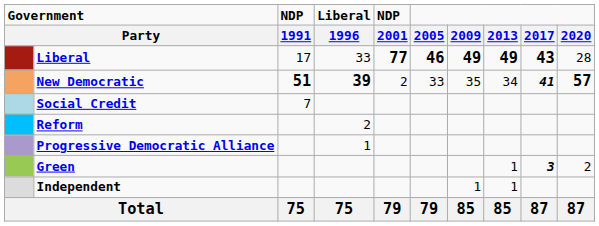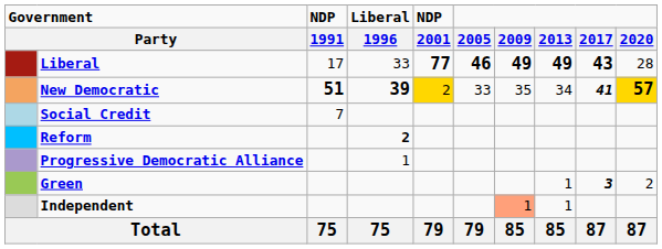 <table class="wikitable">
 <tr>
 <td colspan = "2"><strong>Government</strong></td>
 <td><strong>NDP</strong></td>
 <td><strong>Liberal</strong></td>
 <td><strong>NDP</strong></td>
 </tr>
 <tr>
 <th colspan = "2">Party</th>
 <th><a href='#'>1991</a></th>
 <th><a href='#'>1996</a></th>
 <th><a href='#'>2001</a></th>
 <th><a href='#'>2005</a></th>
 <th><a href='#'>2009</a></th>
 <th><a href='#'>2013</a></th>
 <th><a href='#'>2017</a></th>
 <th><a href='#'>2020</a></th>
 </tr>
 <tr align = "right">
 <td bgcolor="#A51B12">   </td>
 <td align="left"><strong><a href='#'>Liberal</a></strong></td>
 <td>17</td>
 <td>33</td>
 <td><strong><big>77</big></strong></td>
 <td><strong><big>46</big></strong></td>
 <td><strong><big>49</big></strong></td>
 <td><strong><big>49</big></strong></td>
 <td><strong><big>43</big></strong></td>
 <td>28</td>
 </tr>
 <tr align = "right">
 <td bgcolor="#F4A460">   </td>
 <td align="left"><strong><a href='#'>New Democratic</a></strong></td>
 <td><strong><big>51</big></strong></td>
 <td><strong><big>39</big></strong></td>
-<td>2</td>
+<td style="background: gold;">2</td>
 <td>33</td>
 <td>35</td>
 <td>34</td>
 <td><strong><em>41</em></strong></td>
-<td><strong><big>57</big></strong></td>
+<td style="background: gold;"><strong><big>57</big></strong></td>
 </tr>
 <tr align = "right">
 <td bgcolor="#ADD8E6">   </td>
 <td align="left"><strong><a href='#'>Social Credit</a></strong></td>
 <td>7</td>
 <td></td>
 <td></td>
 <td></td>
 <td></td>
 <td></td>
 <td></td>
 <td></td>
 </tr>
 <tr align = "right">
 <td bgcolor="#00BFFF">   </td>
 <td align="left"><strong><a href='#'>Reform</a></strong></td>
 <td></td>
-<td>2</td>
+<td><strong>2</strong></td>
 <td></td>
 <td></td>
 <td></td>
 <td></td>
 <td></td>
 <td></td>
 </tr>
 <tr align = "right">
 <td bgcolor="#AA99CC">   </td>
 <td align="left"><strong><a href='#'>Progressive Democratic Alliance</a></strong></td>
 <td></td>
 <td>1</td>
 <td></td>
 <td></td>
 <td></td>
 <td></td>
 <td></td>
 <td></td>
 </tr>
 <tr align = "right">
 <td bgcolor="#99C955">  </td>
 <td align="left"><strong><a href='#'>Green</a></strong></td>
 <td></td>
 <td></td>
 <td></td>
 <td></td>
 <td></td>
 <td>1</td>
 <td><strong><em>3</em></strong></td>
 <td>2</td>
 </tr>
 <tr align = "right">
 <td bgcolor="#DCDCDC">   </td>
 <td align="left"><strong>Independent</strong></td>
 <td></td>
 <td></td>
 <td></td>
 <td></td>
-<td>1</td>
+<td style="background: lightsalmon;">1</td>
 <td>1</td>
 <td></td>
 <td></td>
 </tr>
 <tr align = "right">
 <th colspan="2" align="left"><strong><big>Total</big></strong></th>
 <th><big>75</big></th>
 <th><big>75</big></th>
 <th><big>79</big></th>
 <th><big>79</big></th>
 <th><big>85</big></th>
 <th><big>85</big></th>
 <th><big>87</big></th>
 <th><big>87</big></th>
 </tr>
 </table>
